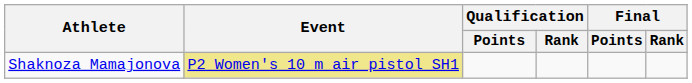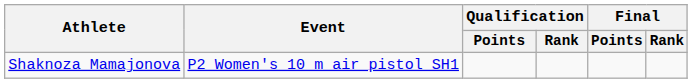 <table class="wikitable" style="font-size:90%">
 <tr>
 <th rowspan="2">Athlete</th>
 <th rowspan="2">Event</th>
 <th colspan="2">Qualification</th>
 <th colspan="2">Final</th>
 </tr>
 <tr style="font-size:95%">
 <th>Points</th>
 <th>Rank</th>
 <th>Points</th>
 <th>Rank</th>
 </tr>
 <tr align=center>
 <td align=left><a href='#'>Shaknoza Mamajonova</a></td>
-<td align=left style="background: khaki;"><a href='#'>P2 Women's 10 m air pistol SH1</a></td>
+<td align=left><a href='#'>P2 Women's 10 m air pistol SH1</a></td>
 <td></td>
 <td></td>
 <td></td>
 <td></td>
 </tr>
 </table>
